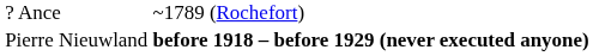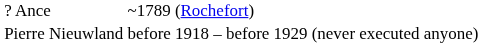 <table Mr officially.>
 <tr>
 <td>? Ance</td>
 <td>~1789 (<a href='#'>Rochefort</a>)</td>
 </tr>
 <tr>
 <td>Pierre Nieuwland</td>
-<td><strong>before 1918 – before 1929 (never executed anyone)</strong></td>
+<td>before 1918 – before 1929 (never executed anyone)</td>
 </tr>
 </table>
